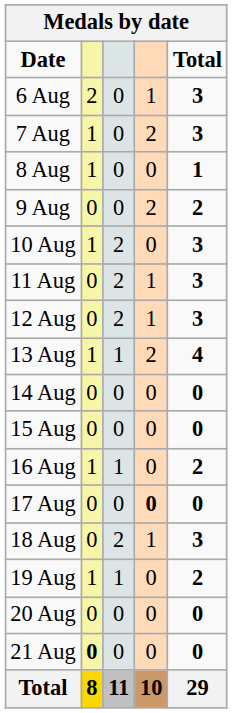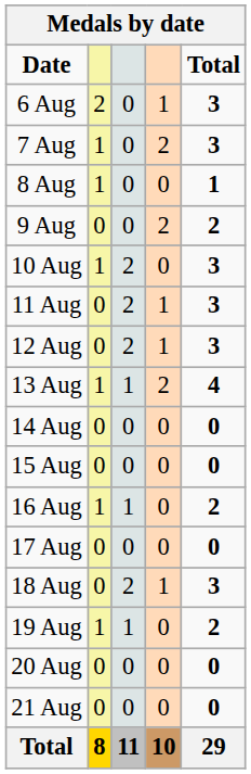 <table class="wikitable" style="font-size:85%; float:right">
 <tr bgcolor="#efefef">
 <th colspan=6>Medals by date</th>
 </tr>
 <tr align=center>
 <td><strong>Date</strong></td>
 <td bgcolor=#f7f6a8></td>
 <td bgcolor=#dce5e5></td>
 <td bgcolor=#ffdab9></td>
 <td><strong>Total</strong></td>
 </tr>
 <tr align=center>
 <td>6 Aug</td>
 <td style="background:#F7F6A8;">2</td>
 <td style="background:#DCE5E5;">0</td>
 <td style="background:#FFDAB9;">1</td>
 <td><strong>3</strong></td>
 </tr>
 <tr align=center>
 <td>7 Aug</td>
 <td style="background:#F7F6A8;">1</td>
 <td style="background:#DCE5E5;">0</td>
 <td style="background:#FFDAB9;">2</td>
 <td><strong>3</strong></td>
 </tr>
 <tr align=center>
 <td>8 Aug</td>
 <td style="background:#F7F6A8;">1</td>
 <td style="background:#DCE5E5;">0</td>
 <td style="background:#FFDAB9;">0</td>
 <td><strong>1</strong></td>
 </tr>
 <tr align=center>
 <td>9 Aug</td>
 <td style="background:#F7F6A8;">0</td>
 <td style="background:#DCE5E5;">0</td>
 <td style="background:#FFDAB9;">2</td>
 <td><strong>2</strong></td>
 </tr>
 <tr align=center>
 <td>10 Aug</td>
 <td style="background:#F7F6A8;">1</td>
 <td style="background:#DCE5E5;">2</td>
 <td style="background:#FFDAB9;">0</td>
 <td><strong>3</strong></td>
 </tr>
 <tr align=center>
 <td>11 Aug</td>
 <td style="background:#F7F6A8;">0</td>
 <td style="background:#DCE5E5;">2</td>
 <td style="background:#FFDAB9;">1</td>
 <td><strong>3</strong></td>
 </tr>
 <tr align=center>
 <td>12 Aug</td>
 <td style="background:#F7F6A8;">0</td>
 <td style="background:#DCE5E5;">2</td>
 <td style="background:#FFDAB9;">1</td>
 <td><strong>3</strong></td>
 </tr>
 <tr align=center>
 <td>13 Aug</td>
 <td style="background:#F7F6A8;">1</td>
 <td style="background:#DCE5E5;">1</td>
 <td style="background:#FFDAB9;">2</td>
 <td><strong>4</strong></td>
 </tr>
 <tr align=center>
 <td>14 Aug</td>
 <td style="background:#F7F6A8;">0</td>
 <td style="background:#DCE5E5;">0</td>
 <td style="background:#FFDAB9;">0</td>
 <td><strong>0</strong></td>
 </tr>
 <tr align=center>
 <td>15 Aug</td>
 <td style="background:#F7F6A8;">0</td>
 <td style="background:#DCE5E5;">0</td>
 <td style="background:#FFDAB9;">0</td>
 <td><strong>0</strong></td>
 </tr>
 <tr align=center>
 <td>16 Aug</td>
 <td style="background:#F7F6A8;">1</td>
 <td style="background:#DCE5E5;">1</td>
 <td style="background:#FFDAB9;">0</td>
 <td><strong>2</strong></td>
 </tr>
 <tr align=center>
 <td>17 Aug</td>
 <td style="background:#F7F6A8;">0</td>
 <td style="background:#DCE5E5;">0</td>
-<td style="background:#FFDAB9;"><strong>0</strong></td>
+<td style="background:#FFDAB9;">0</td>
 <td><strong>0</strong></td>
 </tr>
 <tr align=center>
 <td>18 Aug</td>
 <td style="background:#F7F6A8;">0</td>
 <td style="background:#DCE5E5;">2</td>
 <td style="background:#FFDAB9;">1</td>
 <td><strong>3</strong></td>
 </tr>
 <tr align=center>
 <td>19 Aug</td>
 <td style="background:#F7F6A8;">1</td>
 <td style="background:#DCE5E5;">1</td>
 <td style="background:#FFDAB9;">0</td>
 <td><strong>2</strong></td>
 </tr>
 <tr align=center>
 <td>20 Aug</td>
 <td style="background:#F7F6A8;">0</td>
 <td style="background:#DCE5E5;">0</td>
 <td style="background:#FFDAB9;">0</td>
 <td><strong>0</strong></td>
 </tr>
 <tr align=center>
 <td>21 Aug</td>
-<td style="background:#F7F6A8;"><strong>0</strong></td>
+<td style="background:#F7F6A8;">0</td>
 <td style="background:#DCE5E5;">0</td>
 <td style="background:#FFDAB9;">0</td>
 <td><strong>0</strong></td>
 </tr>
 <tr align=center>
 <th>Total</th>
 <th style="background:gold;">8</th>
 <th style="background:silver;">11</th>
 <th style="background:#c96;">10</th>
 <th>29</th>
 </tr>
 </table>
